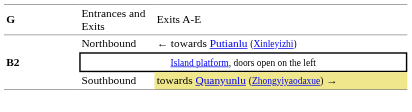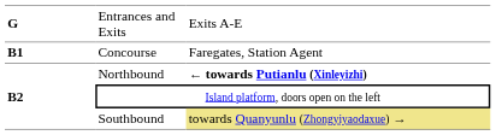 <table cellspacing=0 cellpadding=3>
 <tr>
 <td style="border-top:solid 1px gray;border-bottom:solid 1px gray;" width=100><strong>G</strong></td>
 <td style="border-top:solid 1px gray;border-bottom:solid 1px gray;" width=100>Entrances and Exits</td>
 <td style="border-top:solid 1px gray;border-bottom:solid 1px gray;" width=350>Exits A-E</td>
 </tr>
 <tr>
+<td style="border-bottom:solid 1px gray;"><strong>B1</strong></td>
+<td style="border-bottom:solid 1px gray;">Concourse</td>
+<td style="border-bottom:solid 1px gray;">Faregates, Station Agent</td>
+</tr>
+<tr>
 <td style="border-bottom:solid 1px gray;" rowspan=3><strong>B2</strong></td>
 <td>Northbound</td>
-<td>←  towards <a href='#'>Putianlu</a> <small>(<a href='#'>Xinleyizhi</a>)</small></td>
+<td><strong>←  towards <a href='#'>Putianlu</a> <small>(<a href='#'>Xinleyizhi</a>)</small></strong></td>
 </tr>
 <tr>
 <td style="border-right:solid 2px black;border-left:solid 2px black;border-top:solid 2px black;border-bottom:solid 2px black;text-align:center;" colspan=2><small><a href='#'>Island platform</a>, doors open on the left</small></td>
 </tr>
 <tr>
 <td style="border-bottom:solid 1px gray;">Southbound</td>
 <td style="background: khaki; border-bottom:solid 1px gray;">  towards <a href='#'>Quanyunlu</a> <small>(<a href='#'>Zhongyiyaodaxue</a>)</small> →</td>
 </tr>
 </table>
